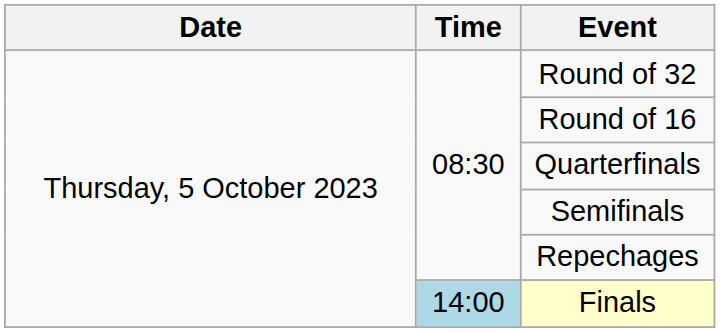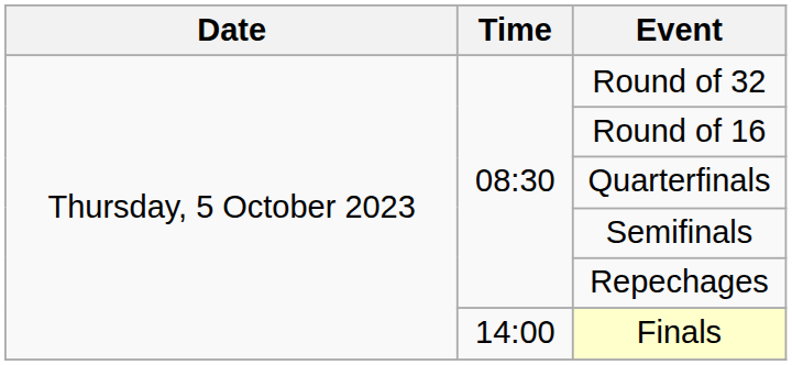 <table class = "wikitable" style="text-align:center;">
 <tr>
 <th width=220>Date</th>
 <th width=50>Time</th>
 <th width=100>Event</th>
 </tr>
 <tr>
 <td rowspan=6>Thursday, 5 October 2023</td>
 <td rowspan=5>08:30</td>
 <td>Round of 32</td>
 </tr>
 <tr>
 <td>Round of 16</td>
 </tr>
 <tr>
 <td>Quarterfinals</td>
 </tr>
 <tr>
 <td>Semifinals</td>
 </tr>
 <tr>
 <td>Repechages</td>
 </tr>
 <tr>
-<td style="background: lightblue;">14:00</td>
+<td>14:00</td>
 <td bgcolor=ffffcc>Finals</td>
 </tr>
 </table>
